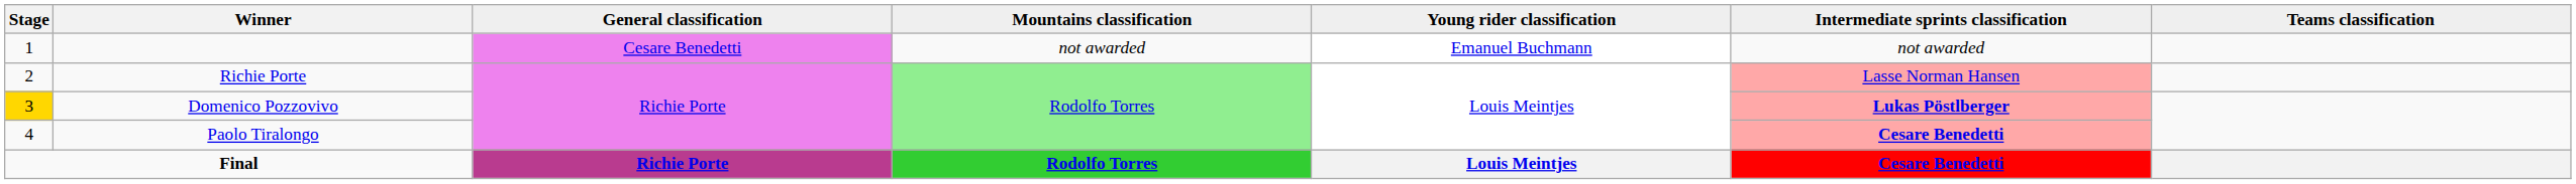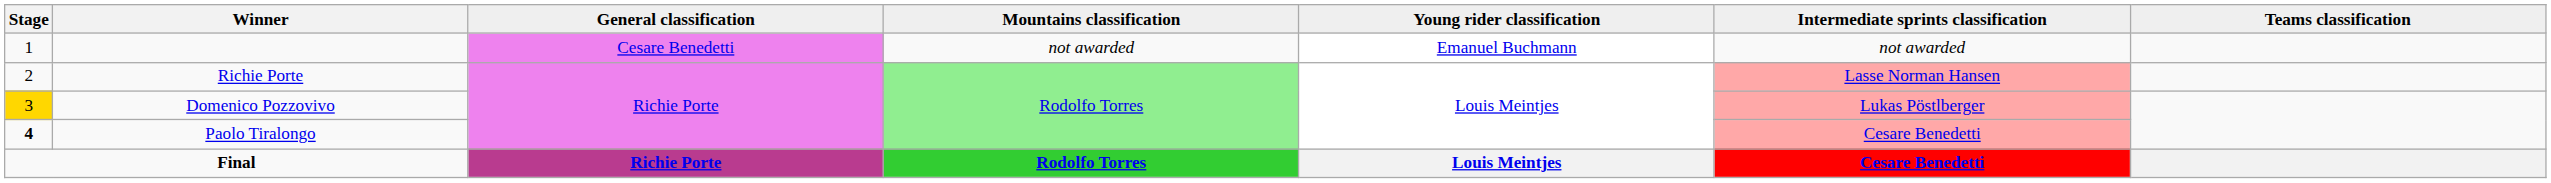 <table class="wikitable" style="text-align: center; font-size:smaller;">
 <tr>
 <th width="1%">Stage</th>
 <th width="16.5%">Winner</th>
 <th style="background:#EFEFEF;" width="16.5%">General classification<br></th>
 <th style="background:#EFEFEF;" width="16.5%">Mountains classification<br></th>
 <th style="background:#EFEFEF;" width="16.5%">Young rider classification<br></th>
 <th style="background:#EFEFEF;" width="16.5%">Intermediate sprints classification<br></th>
 <th style="background:#EFEFEF;" width="16.5%">Teams classification</th>
 </tr>
 <tr>
 <td>1</td>
 <td></td>
 <td style="background-color:violet;"><a href='#'>Cesare Benedetti</a></td>
 <td style="background-color:offwhite;"><em>not awarded</em></td>
 <td style="background-color:white;"><a href='#'>Emanuel Buchmann</a></td>
 <td style="background-color:offwhite;"><em>not awarded</em></td>
 <td style="background-color:offwhite;"></td>
 </tr>
 <tr>
 <td>2</td>
 <td><a href='#'>Richie Porte</a></td>
 <td style="background-color:violet;" rowspan=3><a href='#'>Richie Porte</a></td>
 <td style="background-color:lightgreen;" rowspan=3><a href='#'>Rodolfo Torres</a></td>
 <td style="background-color:white;" rowspan=3><a href='#'>Louis Meintjes</a></td>
 <td style="background-color:#FFA8A8;"><a href='#'>Lasse Norman Hansen</a></td>
 <td style="background-color:offwhite;"></td>
 </tr>
 <tr>
 <td style="background: gold;">3</td>
 <td><a href='#'>Domenico Pozzovivo</a></td>
-<td style="background-color:#FFA8A8;"><strong><a href='#'>Lukas Pöstlberger</a></strong></td>
+<td style="background-color:#FFA8A8;"><a href='#'>Lukas Pöstlberger</a></td>
 <td style="background-color:offwhite;" rowspan=2></td>
 </tr>
 <tr>
-<td>4</td>
+<td><strong>4</strong></td>
 <td><a href='#'>Paolo Tiralongo</a></td>
-<td style="background-color:#FFA8A8;"><strong><a href='#'>Cesare Benedetti</a></strong></td>
+<td style="background-color:#FFA8A8;"><a href='#'>Cesare Benedetti</a></td>
 </tr>
 <tr>
 <td colspan="2"><strong>Final</strong></td>
 <th style="background-color:#B93B8F;"><a href='#'>Richie Porte</a></th>
 <th style="background-color:limegreen;"><a href='#'>Rodolfo Torres</a></th>
 <th style="background-color:offwhite;"><a href='#'>Louis Meintjes</a></th>
 <th style="background-color:red;"><a href='#'>Cesare Benedetti</a></th>
 <th style="background-color:offwhite;"></th>
 </tr>
 </table>
